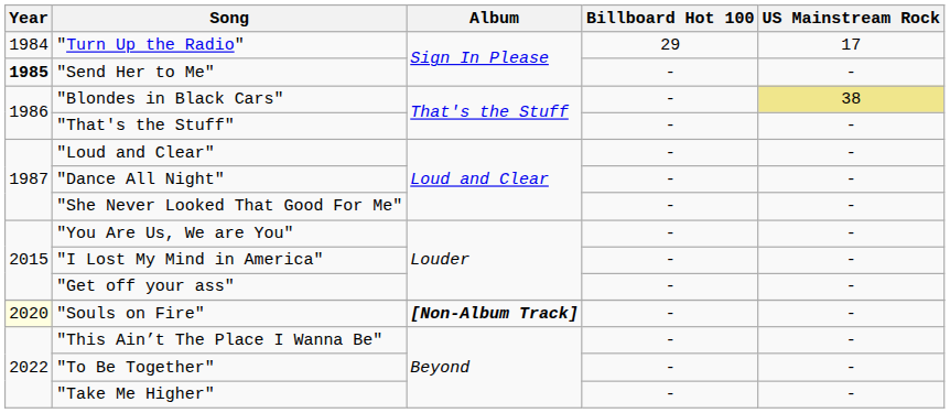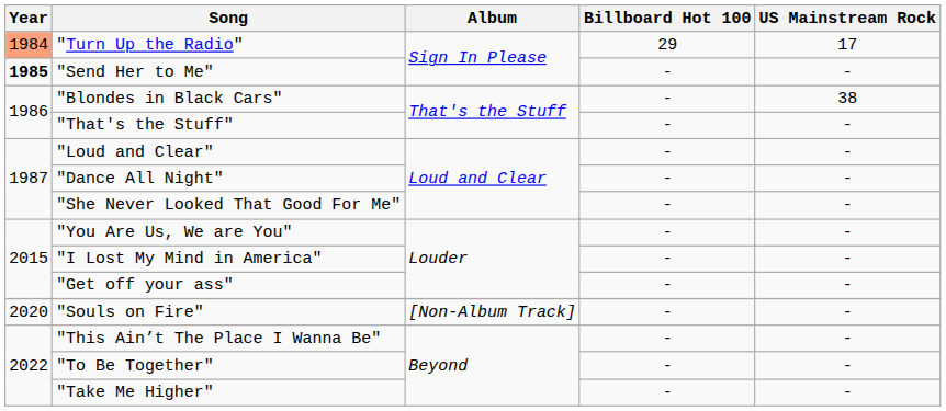 <table class="wikitable">
 <tr>
 <th>Year</th>
 <th>Song</th>
 <th>Album</th>
 <th>Billboard Hot 100</th>
 <th>US Mainstream Rock</th>
 </tr>
 <tr>
-<td>1984</td>
+<td style="background: lightsalmon;">1984</td>
 <td>"<a href='#'>Turn Up the Radio</a>"</td>
 <td rowspan="2"><em><a href='#'>Sign In Please</a></em></td>
 <td align="center">29</td>
 <td align="center">17</td>
 </tr>
 <tr>
 <td><strong>1985</strong></td>
 <td>"Send Her to Me"</td>
 <td align="center">-</td>
 <td align="center">-</td>
 </tr>
 <tr>
 <td rowspan="2">1986</td>
 <td>"Blondes in Black Cars"</td>
 <td rowspan="2"><em><a href='#'>That's the Stuff</a></em></td>
 <td align="center">-</td>
-<td align="center" style="background: khaki;">38</td>
+<td align="center">38</td>
 </tr>
 <tr>
 <td>"That's the Stuff"</td>
 <td align="center">-</td>
 <td align="center">-</td>
 </tr>
 <tr>
 <td rowspan="3">1987</td>
 <td>"Loud and Clear"</td>
 <td rowspan="3"><em><a href='#'>Loud and Clear</a></em></td>
 <td align="center">-</td>
 <td align="center">-</td>
 </tr>
 <tr>
 <td>"Dance All Night"</td>
 <td align="center">-</td>
 <td align="center">-</td>
 </tr>
 <tr>
 <td>"She Never Looked That Good For Me"</td>
 <td align="center">-</td>
 <td align="center">-</td>
 </tr>
 <tr>
 <td rowspan="3">2015</td>
 <td>"You Are Us, We are You"</td>
 <td rowspan="3"><em>Louder</em></td>
 <td align="center">-</td>
 <td align="center">-</td>
 </tr>
 <tr>
 <td>"I Lost My Mind in America"</td>
 <td align="center">-</td>
 <td align="center">-</td>
 </tr>
 <tr>
 <td>"Get off your ass"</td>
 <td align="center">-</td>
 <td align="center">-</td>
 </tr>
 <tr>
 </tr>
 <tr "Every Generation">
 </tr>
 <tr align="center|-">
 </tr>
 <tr align="center|-">
 </tr>
 <tr>
-<td style="background: lightyellow;">2020</td>
+<td>2020</td>
 <td>"Souls on Fire"</td>
-<td rowspan="1"><strong><em>[Non-Album Track]</em></strong></td>
+<td rowspan="1"><em>[Non-Album Track]</em></td>
 <td align="center">-</td>
 <td align="center">-</td>
 </tr>
 <tr>
 <td rowspan="3">2022</td>
 <td>"This Ain’t The Place I Wanna Be"</td>
 <td rowspan="3"><em>Beyond</em></td>
 <td align="center">-</td>
 <td align="center">-</td>
 </tr>
 <tr>
 <td>"To Be Together"</td>
 <td align="center">-</td>
 <td align="center">-</td>
 </tr>
 <tr>
 <td>"Take Me Higher"</td>
 <td align="center">-</td>
 <td align="center">-</td>
 </tr>
 </table>
